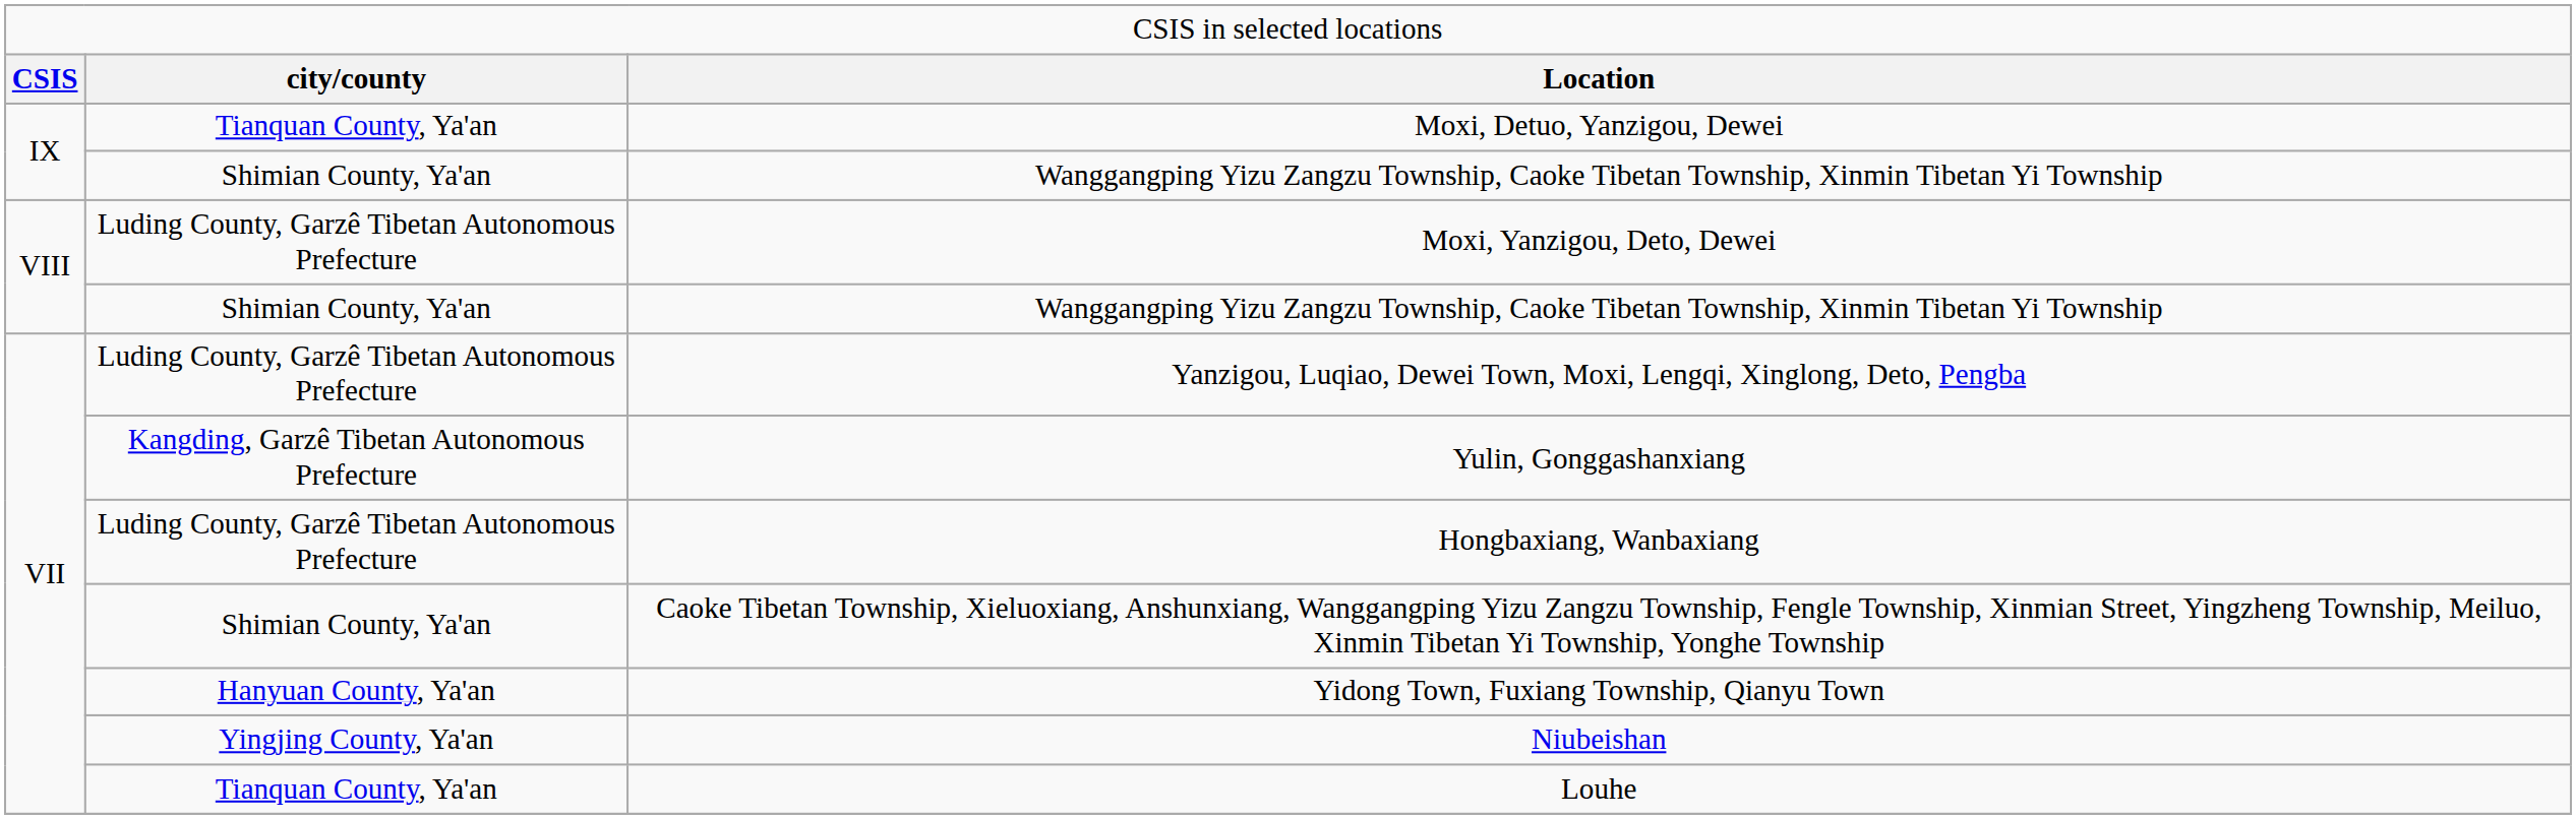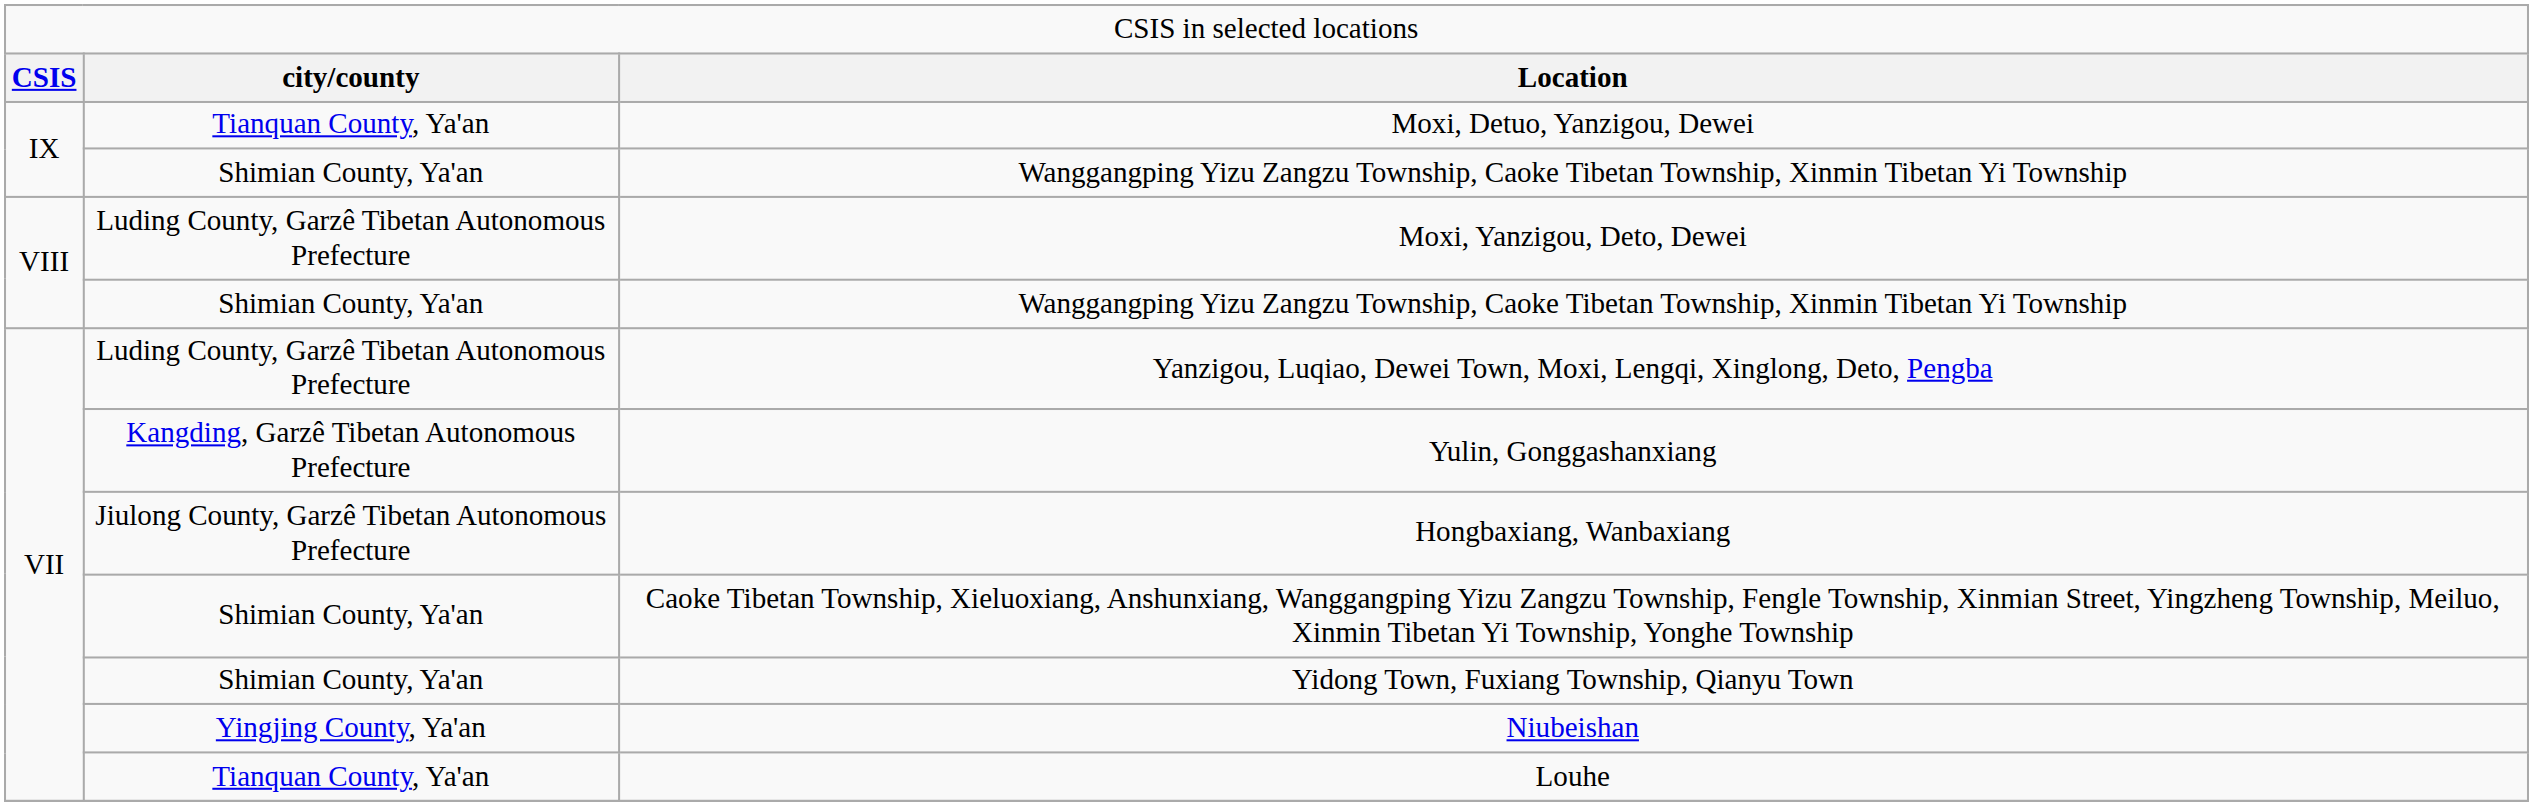 <table class="wikitable" style="float: center; text-align: center; font-size:90%; length:5.0em;">
 <tr>
 <td colspan="3" style="text-align: center;">CSIS in selected locations</td>
 </tr>
 <tr>
 <th><a href='#'>CSIS</a></th>
 <th>city/county</th>
 <th>Location</th>
 </tr>
 <tr>
 <td rowspan="2">IX</td>
 <td><a href='#'>Tianquan County</a>, Ya'an</td>
 <td>Moxi, Detuo, Yanzigou, Dewei</td>
 </tr>
 <tr>
 <td>Shimian County, Ya'an</td>
 <td>Wanggangping Yizu Zangzu Township, Caoke Tibetan Township, Xinmin Tibetan Yi Township</td>
 </tr>
 <tr>
 <td rowspan="2">VIII</td>
 <td>Luding County, Garzê Tibetan Autonomous Prefecture</td>
 <td>Moxi, Yanzigou, Deto, Dewei</td>
 </tr>
 <tr>
 <td>Shimian County, Ya'an</td>
 <td>Wanggangping Yizu Zangzu Township, Caoke Tibetan Township, Xinmin Tibetan Yi Township</td>
 </tr>
 <tr>
 <td rowspan="7">VII</td>
 <td>Luding County, Garzê Tibetan Autonomous Prefecture</td>
 <td>Yanzigou, Luqiao, Dewei Town, Moxi, Lengqi, Xinglong, Deto, <a href='#'>Pengba</a></td>
 </tr>
 <tr>
 <td><a href='#'>Kangding</a>, Garzê Tibetan Autonomous Prefecture</td>
 <td>Yulin, Gonggashanxiang</td>
 </tr>
 <tr>
-<td>Luding County, Garzê Tibetan Autonomous Prefecture</td>
+<td>Jiulong County, Garzê Tibetan Autonomous Prefecture</td>
 <td>Hongbaxiang, Wanbaxiang</td>
 </tr>
 <tr>
 <td>Shimian County, Ya'an</td>
 <td>Caoke Tibetan Township, Xieluoxiang, Anshunxiang, Wanggangping Yizu Zangzu Township, Fengle Township, Xinmian Street, Yingzheng Township, Meiluo, Xinmin Tibetan Yi Township, Yonghe Township</td>
 </tr>
 <tr>
-<td><a href='#'>Hanyuan County</a>, Ya'an</td>
+<td>Shimian County, Ya'an</td>
 <td>Yidong Town, Fuxiang Township, Qianyu Town</td>
 </tr>
 <tr>
 <td><a href='#'>Yingjing County</a>, Ya'an</td>
 <td><a href='#'>Niubeishan</a></td>
 </tr>
 <tr>
 <td><a href='#'>Tianquan County</a>, Ya'an</td>
 <td>Louhe</td>
 </tr>
 <tr>
 </tr>
 </table>
